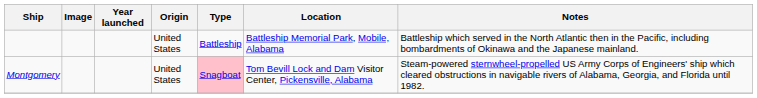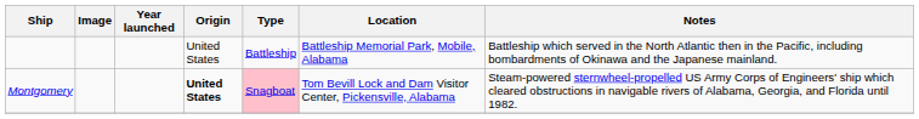 <table class="wikitable sortable">
 <tr>
 <th>Ship</th>
 <th>Image</th>
 <th>Year launched</th>
 <th>Origin</th>
 <th>Type</th>
 <th>Location</th>
 <th>Notes</th>
 </tr>
 <tr>
 <td data-sort-value=Alabama></td>
 <td></td>
 <td></td>
 <td> United States</td>
 <td><a href='#'>Battleship</a></td>
 <td><a href='#'>Battleship Memorial Park</a>, <a href='#'>Mobile, Alabama</a><br></td>
 <td>Battleship which served in the North Atlantic then in the Pacific, including bombardments of Okinawa and the Japanese mainland.</td>
 </tr>
 <tr>
 <td data-sort-value=Montgomery><em><a href='#'>Montgomery</a></em></td>
 <td></td>
 <td></td>
-<td> United States</td>
+<td><strong> United States</strong></td>
 <td style="background: pink;"><a href='#'>Snagboat</a></td>
 <td><a href='#'>Tom Bevill Lock and Dam</a> Visitor Center, <a href='#'>Pickensville, Alabama</a><br></td>
 <td>Steam-powered <a href='#'>sternwheel-propelled</a> US Army Corps of Engineers' ship which cleared obstructions in navigable rivers of Alabama, Georgia, and Florida until 1982.</td>
 </tr>
 <tr>
 </tr>
 </table>
